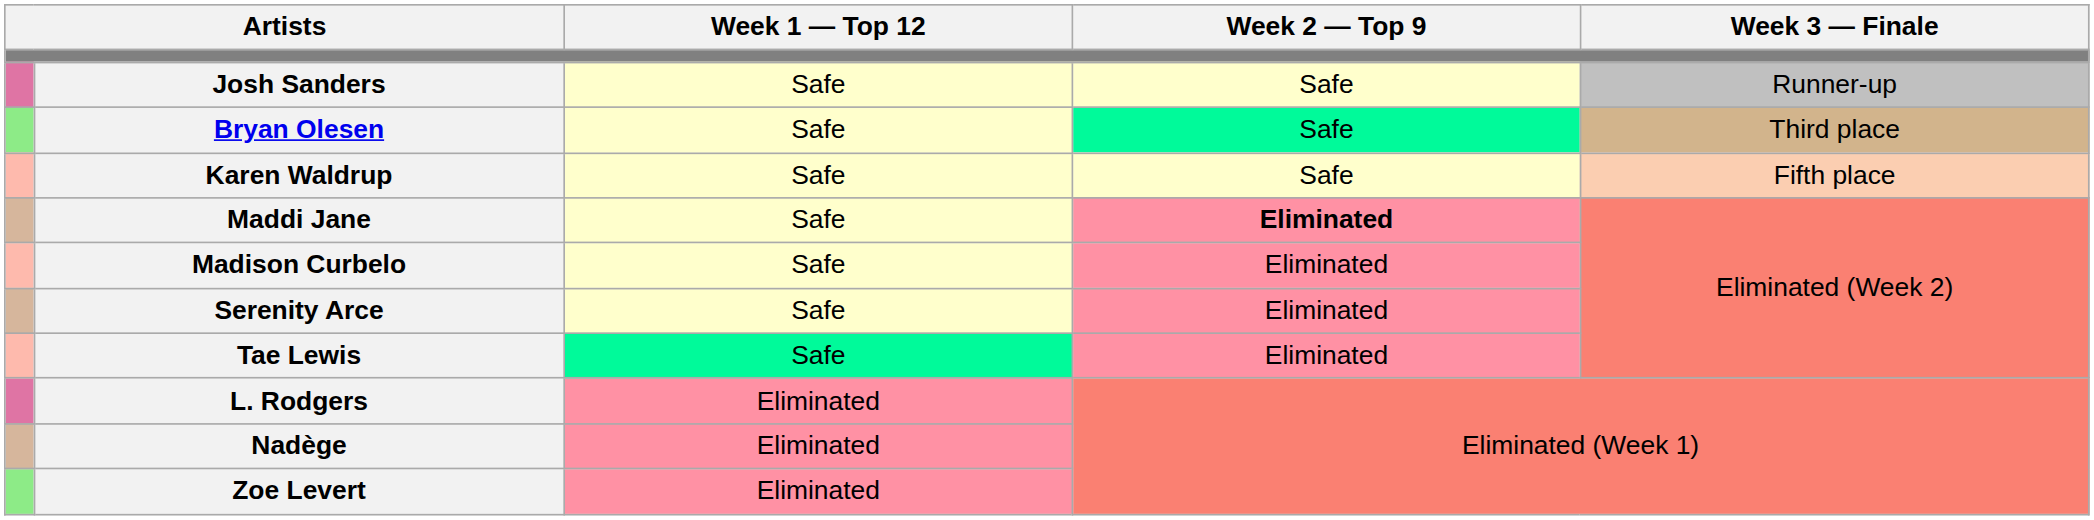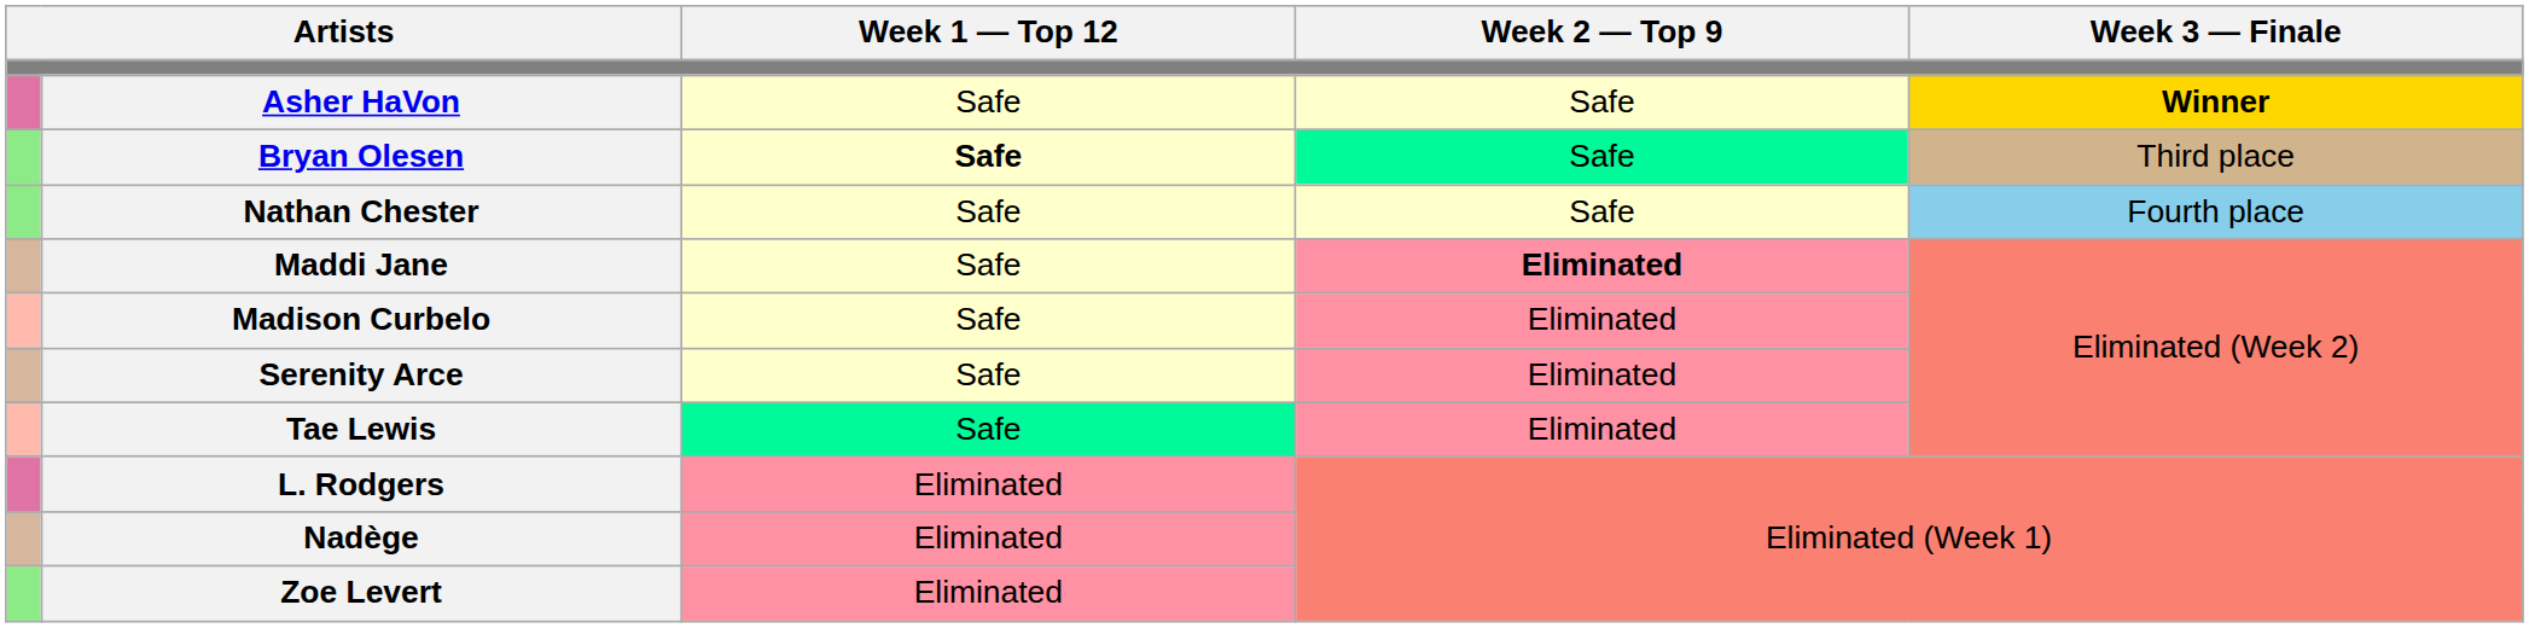 <table class="wikitable" style="text-align:center; line-height:20px; width:100%">
 <tr>
 <th colspan="2" width="11%">Artists</th>
 <th style="width:10%">Week 1 — Top 12</th>
 <th style="width:10%">Week 2 — Top 9</th>
 <th style="width:10%">Week 3 — Finale</th>
 </tr>
 <tr>
 <th colspan="5" style="background:gray"></th>
 </tr>
 <tr>
 <th style="background:#df74a4"></th>
-<th scope="row">Josh Sanders</th>
+<th scope="row"><a href='#'>Asher HaVon</a></th>
 <td style="background:#ffffcc">Safe</td>
 <td style="background:#ffffcc">Safe</td>
-<td style="background: silver;">Runner-up</td>
+<td style="background: gold;"><strong>Winner</strong></td>
 </tr>
 <tr>
 <th style="background:#8deb87"></th>
 <th scope="row"><a href='#'>Bryan Olesen</a></th>
-<td style="background:#ffffcc">Safe</td>
+<td style="background:#ffffcc"><strong>Safe</strong></td>
 <td style="background:#00fa9a">Safe</td>
 <td style="background: tan;">Third place</td>
 </tr>
 <tr>
-<th style="background:#febaad"></th>
-<th scope="row">Karen Waldrup</th>
+<th style="background:#8deb87"></th>
+<th scope="row">Nathan Chester</th>
 <td style="background:#ffffcc">Safe</td>
 <td style="background:#ffffcc">Safe</td>
-<td style="background:#fbceb1;">Fifth place</td>
+<td style="background: skyblue;">Fourth place</td>
 </tr>
 <tr>
 <th style="background:#d6b69c"></th>
 <th scope="row">Maddi Jane</th>
 <td style="background:#ffffcc">Safe</td>
 <td style="background:#FF91A4"><strong>Eliminated</strong></td>
 <td rowspan="4" style="background:salmon">Eliminated (Week 2)</td>
 </tr>
 <tr>
 <th style="background:#febaad"></th>
 <th scope="row">Madison Curbelo</th>
 <td style="background:#ffffcc">Safe</td>
 <td style="background:#FF91A4">Eliminated</td>
 </tr>
 <tr>
 <th style="background:#d6b69c"></th>
 <th scope="row">Serenity Arce</th>
 <td style="background:#ffffcc">Safe</td>
 <td style="background:#FF91A4">Eliminated</td>
 </tr>
 <tr>
 <th style="background:#febaad"></th>
 <th scope="row">Tae Lewis</th>
 <td style="background:#00fa9a">Safe</td>
 <td style="background:#FF91A4">Eliminated</td>
 </tr>
 <tr>
 <th style="background:#df74a4"></th>
 <th scope="row">L. Rodgers</th>
 <td style="background:#FF91A4">Eliminated</td>
 <td colspan="2" rowspan="3" style="background:salmon">Eliminated (Week 1)</td>
 </tr>
 <tr>
 <th style="background:#d6b69c"></th>
 <th scope="row">Nadège</th>
 <td style="background:#FF91A4">Eliminated</td>
 </tr>
 <tr>
 <th style="background:#8deb87"></th>
 <th scope="row">Zoe Levert</th>
 <td style="background:#FF91A4">Eliminated</td>
 </tr>
 </table>
